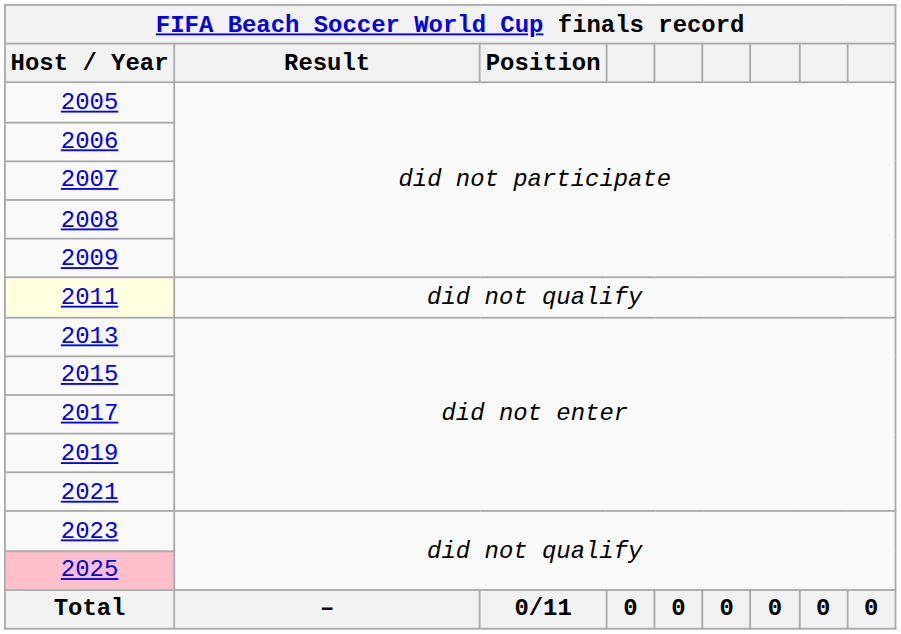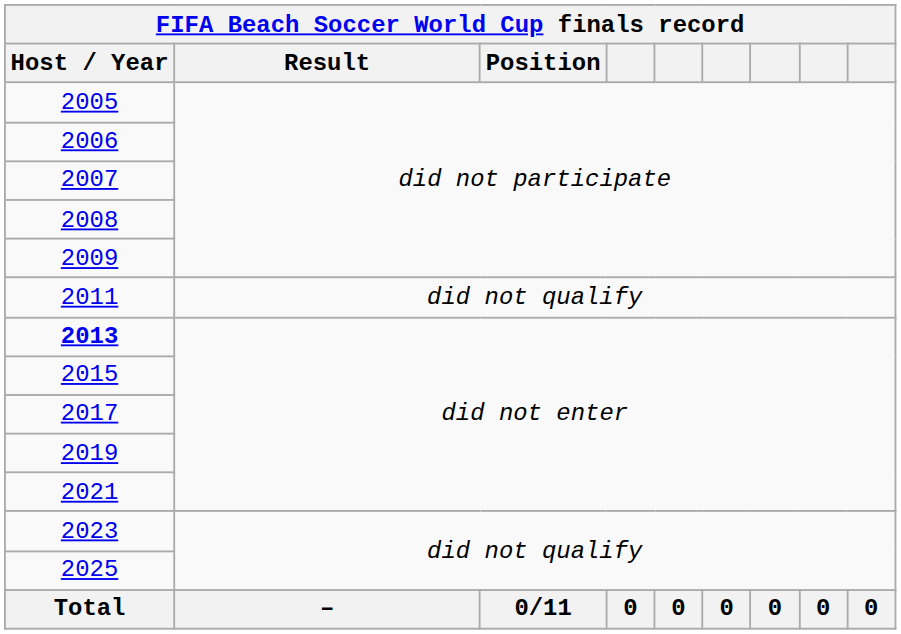 <table class="wikitable" style="text-align: center;">
 <tr>
 <th colspan=9><a href='#'>FIFA Beach Soccer World Cup</a> finals record</th>
 </tr>
 <tr>
 <th>Host / Year</th>
 <th width=160>Result</th>
 <th>Position</th>
 <th width=20></th>
 <th width=20></th>
 <th width=20></th>
 <th width=20></th>
 <th width=20></th>
 <th width=20></th>
 </tr>
 <tr>
 <td> <a href='#'>2005</a></td>
 <td colspan=8 rowspan=5><em>did not participate</em></td>
 </tr>
 <tr>
 <td> <a href='#'>2006</a></td>
 </tr>
 <tr>
 <td> <a href='#'>2007</a></td>
 </tr>
 <tr>
 <td> <a href='#'>2008</a></td>
 </tr>
 <tr>
 <td> <a href='#'>2009</a></td>
 </tr>
 <tr>
-<td style="background: lightyellow;"> <a href='#'>2011</a></td>
+<td> <a href='#'>2011</a></td>
 <td colspan=8><em>did not qualify</em></td>
 </tr>
 <tr>
-<td> <a href='#'>2013</a></td>
+<td><strong> <a href='#'>2013</a></strong></td>
 <td colspan=8 rowspan=5><em>did not enter</em></td>
 </tr>
 <tr>
 <td> <a href='#'>2015</a></td>
 </tr>
 <tr>
 <td> <a href='#'>2017</a></td>
 </tr>
 <tr>
 <td> <a href='#'>2019</a></td>
 </tr>
 <tr>
 <td> <a href='#'>2021</a></td>
 </tr>
 <tr>
 <td> <a href='#'>2023</a></td>
 <td colspan="8" rowspan="2"><em>did not qualify</em></td>
 </tr>
 <tr>
-<td style="background: pink;"> <a href='#'>2025</a></td>
+<td> <a href='#'>2025</a></td>
 </tr>
 <tr>
 <th>Total</th>
 <th>–</th>
 <th>0/11</th>
 <th>0</th>
 <th>0</th>
 <th>0</th>
 <th>0</th>
 <th>0</th>
 <th>0</th>
 </tr>
 </table>
